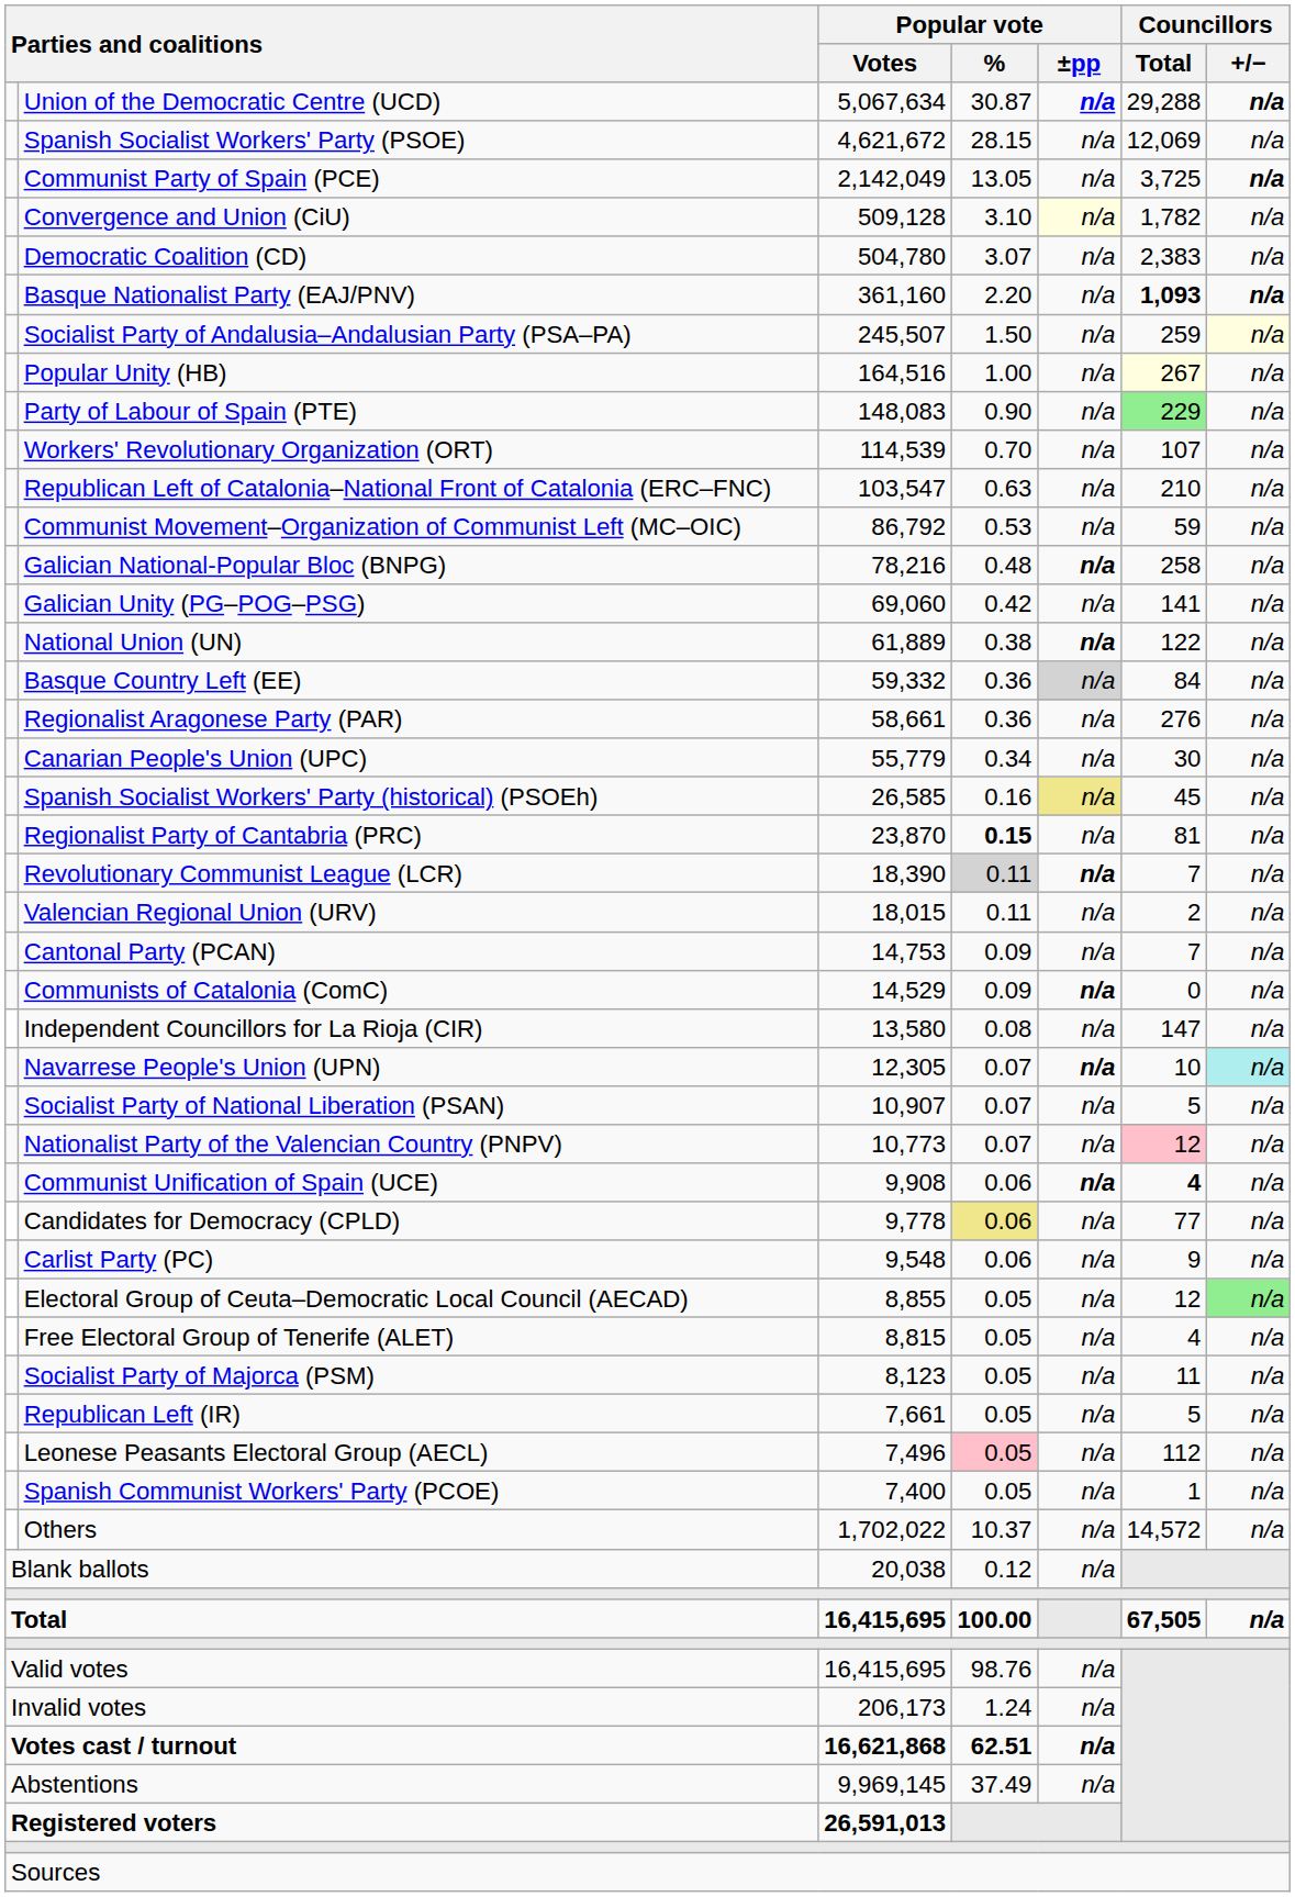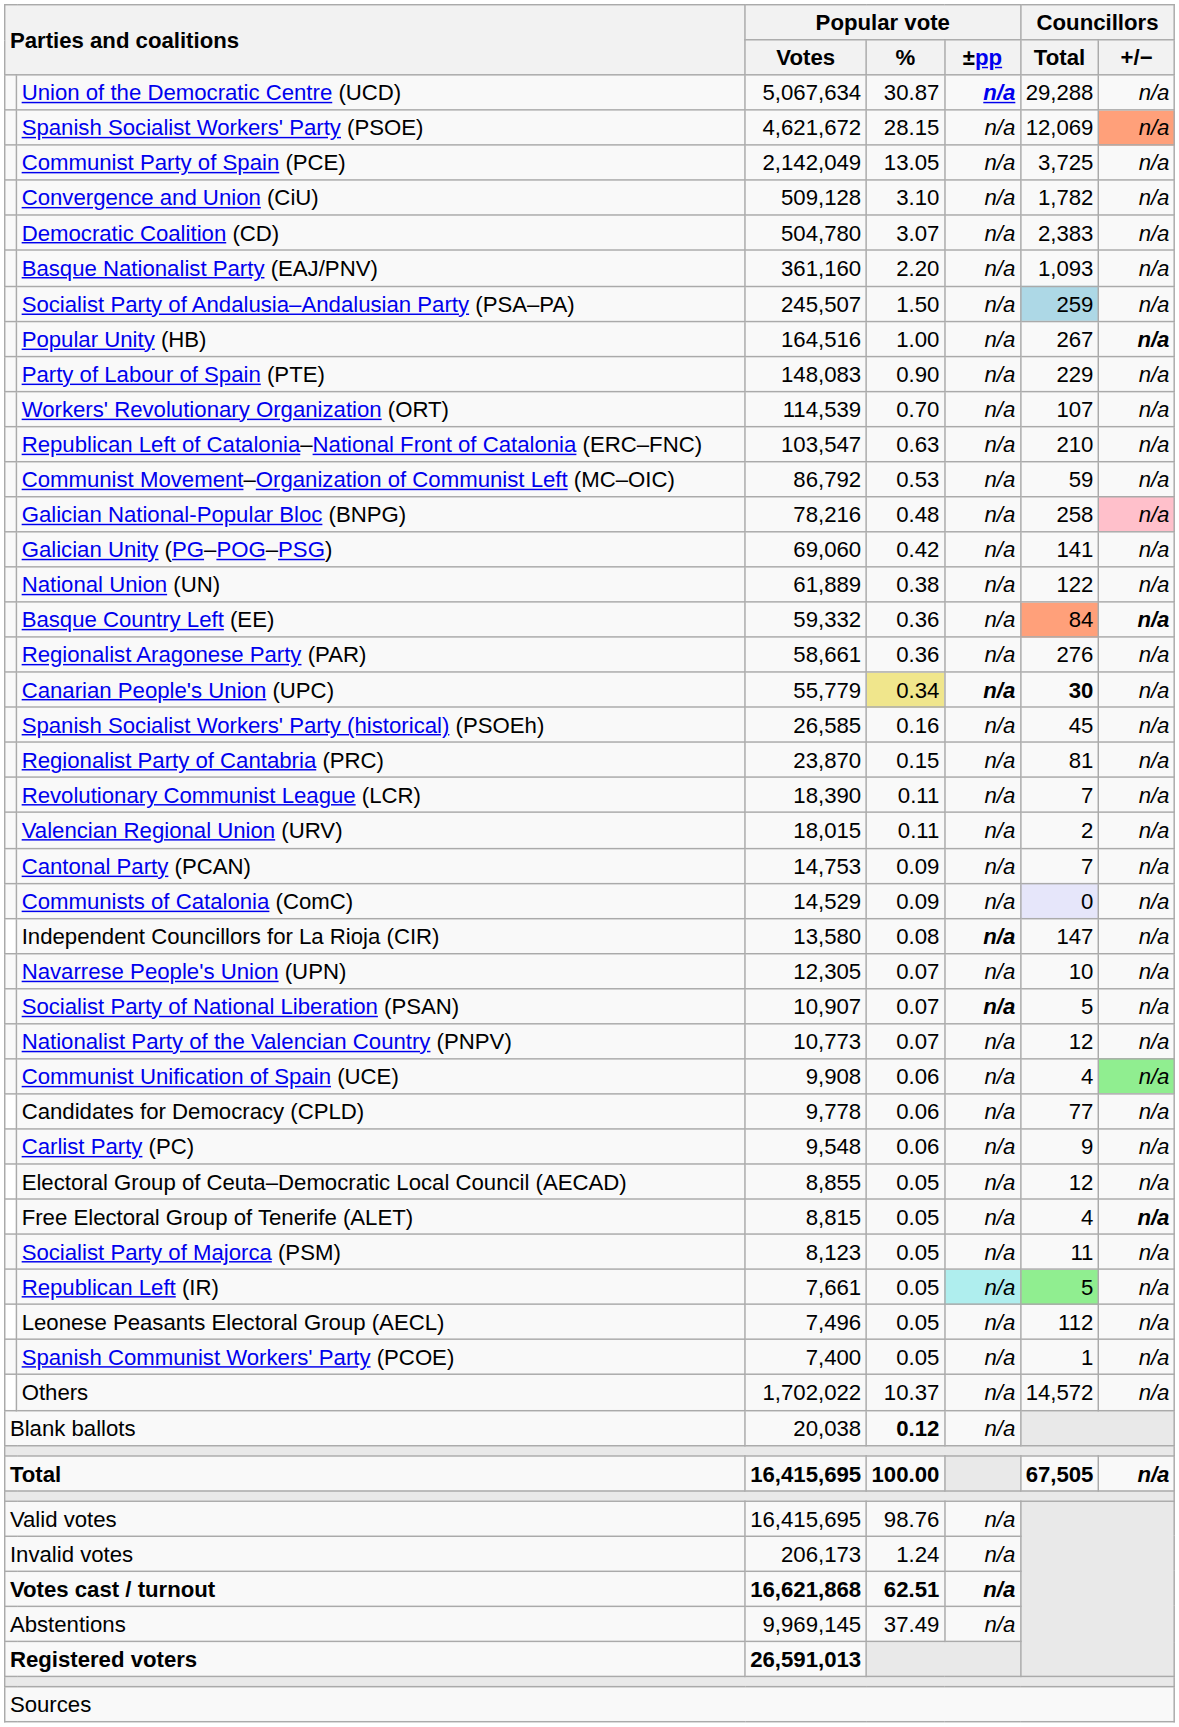 <table class="wikitable" style="text-align:right; font-size:95%;">
 <tr>
 <th style="text-align:left;" rowspan="2" colspan="2" width="500">Parties and coalitions</th>
 <th colspan="3">Popular vote</th>
 <th colspan="2">Councillors</th>
 </tr>
 <tr>
 <th width="75">Votes</th>
 <th width="45">%</th>
 <th width="45">±<a href='#'>pp</a></th>
 <th width="45">Total</th>
 <th width="45">+/−</th>
 </tr>
 <tr>
 <td width="1" style="color:inherit;background:"></td>
 <td align="left"><a href='#'>Union of the Democratic Centre</a> (UCD)</td>
 <td>5,067,634</td>
 <td>30.87</td>
 <td><strong><em><a href='#'>n/a</a></em></strong></td>
 <td>29,288</td>
-<td><strong><em>n/a</em></strong></td>
+<td><em>n/a</em></td>
 </tr>
 <tr>
 <td style="color:inherit;background:"></td>
 <td align="left"><a href='#'>Spanish Socialist Workers' Party</a> (PSOE)</td>
 <td>4,621,672</td>
 <td>28.15</td>
 <td><em>n/a</em></td>
 <td>12,069</td>
-<td><em>n/a</em></td>
+<td style="background: lightsalmon;"><em>n/a</em></td>
 </tr>
 <tr>
 <td style="color:inherit;background:"></td>
 <td align="left"><a href='#'>Communist Party of Spain</a> (PCE)</td>
 <td>2,142,049</td>
 <td>13.05</td>
 <td><em>n/a</em></td>
 <td>3,725</td>
-<td><strong><em>n/a</em></strong></td>
+<td><em>n/a</em></td>
 </tr>
 <tr>
 <td style="color:inherit;background:"></td>
 <td align="left"><a href='#'>Convergence and Union</a> (CiU)</td>
 <td>509,128</td>
 <td>3.10</td>
-<td style="background: lightyellow;"><em>n/a</em></td>
+<td><em>n/a</em></td>
 <td>1,782</td>
 <td><em>n/a</em></td>
 </tr>
 <tr>
 <td style="color:inherit;background:"></td>
 <td align="left"><a href='#'>Democratic Coalition</a> (CD)</td>
 <td>504,780</td>
 <td>3.07</td>
 <td><em>n/a</em></td>
 <td>2,383</td>
 <td><em>n/a</em></td>
 </tr>
 <tr>
 <td style="color:inherit;background:"></td>
 <td align="left"><a href='#'>Basque Nationalist Party</a> (EAJ/PNV)</td>
 <td>361,160</td>
 <td>2.20</td>
 <td><em>n/a</em></td>
-<td><strong>1,093</strong></td>
-<td><strong><em>n/a</em></strong></td>
+<td>1,093</td>
+<td><em>n/a</em></td>
 </tr>
 <tr>
 <td style="color:inherit;background:"></td>
 <td align="left"><a href='#'>Socialist Party of Andalusia–Andalusian Party</a> (PSA–PA)</td>
 <td>245,507</td>
 <td>1.50</td>
 <td><em>n/a</em></td>
-<td>259</td>
-<td style="background: lightyellow;"><em>n/a</em></td>
+<td style="background: lightblue;">259</td>
+<td><em>n/a</em></td>
 </tr>
 <tr>
 <td style="color:inherit;background:"></td>
 <td align="left"><a href='#'>Popular Unity</a> (HB)</td>
 <td>164,516</td>
 <td>1.00</td>
 <td><em>n/a</em></td>
-<td style="background: lightyellow;">267</td>
-<td><em>n/a</em></td>
+<td>267</td>
+<td><strong><em>n/a</em></strong></td>
 </tr>
 <tr>
 <td style="color:inherit;background:"></td>
 <td align="left"><a href='#'>Party of Labour of Spain</a> (PTE)</td>
 <td>148,083</td>
 <td>0.90</td>
 <td><em>n/a</em></td>
-<td style="background: lightgreen;">229</td>
+<td>229</td>
 <td><em>n/a</em></td>
 </tr>
 <tr>
 <td style="color:inherit;background:"></td>
 <td align="left"><a href='#'>Workers' Revolutionary Organization</a> (ORT)</td>
 <td>114,539</td>
 <td>0.70</td>
 <td><em>n/a</em></td>
 <td>107</td>
 <td><em>n/a</em></td>
 </tr>
 <tr>
 <td style="color:inherit;background:"></td>
 <td align="left"><a href='#'>Republican Left of Catalonia</a>–<a href='#'>National Front of Catalonia</a> (ERC–FNC)</td>
 <td>103,547</td>
 <td>0.63</td>
 <td><em>n/a</em></td>
 <td>210</td>
 <td><em>n/a</em></td>
 </tr>
 <tr>
 <td style="color:inherit;background:"></td>
 <td align="left"><a href='#'>Communist Movement</a>–<a href='#'>Organization of Communist Left</a> (MC–OIC)</td>
 <td>86,792</td>
 <td>0.53</td>
 <td><em>n/a</em></td>
 <td>59</td>
 <td><em>n/a</em></td>
 </tr>
 <tr>
 <td style="color:inherit;background:"></td>
 <td align="left"><a href='#'>Galician National-Popular Bloc</a> (BNPG)</td>
 <td>78,216</td>
 <td>0.48</td>
-<td><strong><em>n/a</em></strong></td>
+<td><em>n/a</em></td>
 <td>258</td>
-<td><em>n/a</em></td>
+<td style="background: pink;"><em>n/a</em></td>
 </tr>
 <tr>
 <td style="color:inherit;background:"></td>
 <td align="left"><a href='#'>Galician Unity</a> (<a href='#'>PG</a>–<a href='#'>POG</a>–<a href='#'>PSG</a>)</td>
 <td>69,060</td>
 <td>0.42</td>
 <td><em>n/a</em></td>
 <td>141</td>
 <td><em>n/a</em></td>
 </tr>
 <tr>
 <td style="color:inherit;background:"></td>
 <td align="left"><a href='#'>National Union</a> (UN)</td>
 <td>61,889</td>
 <td>0.38</td>
-<td><strong><em>n/a</em></strong></td>
+<td><em>n/a</em></td>
 <td>122</td>
 <td><em>n/a</em></td>
 </tr>
 <tr>
 <td style="color:inherit;background:"></td>
 <td align="left"><a href='#'>Basque Country Left</a> (EE)</td>
 <td>59,332</td>
 <td>0.36</td>
-<td style="background: lightgrey;"><em>n/a</em></td>
-<td>84</td>
 <td><em>n/a</em></td>
+<td style="background: lightsalmon;">84</td>
+<td><strong><em>n/a</em></strong></td>
 </tr>
 <tr>
 <td style="color:inherit;background:"></td>
 <td align="left"><a href='#'>Regionalist Aragonese Party</a> (PAR)</td>
 <td>58,661</td>
 <td>0.36</td>
 <td><em>n/a</em></td>
 <td>276</td>
 <td><em>n/a</em></td>
 </tr>
 <tr>
 <td style="color:inherit;background:"></td>
 <td align="left"><a href='#'>Canarian People's Union</a> (UPC)</td>
 <td>55,779</td>
-<td>0.34</td>
-<td><em>n/a</em></td>
-<td>30</td>
+<td style="background: khaki;">0.34</td>
+<td><strong><em>n/a</em></strong></td>
+<td><strong>30</strong></td>
 <td><em>n/a</em></td>
 </tr>
 <tr>
 <td style="color:inherit;background:"></td>
 <td align="left"><a href='#'>Spanish Socialist Workers' Party (historical)</a> (PSOEh)</td>
 <td>26,585</td>
 <td>0.16</td>
-<td style="background: khaki;"><em>n/a</em></td>
+<td><em>n/a</em></td>
 <td>45</td>
 <td><em>n/a</em></td>
 </tr>
 <tr>
 <td style="color:inherit;background:"></td>
 <td align="left"><a href='#'>Regionalist Party of Cantabria</a> (PRC)</td>
 <td>23,870</td>
-<td><strong>0.15</strong></td>
+<td>0.15</td>
 <td><em>n/a</em></td>
 <td>81</td>
 <td><em>n/a</em></td>
 </tr>
 <tr>
 <td style="color:inherit;background:"></td>
 <td align="left"><a href='#'>Revolutionary Communist League</a> (LCR)</td>
 <td>18,390</td>
-<td style="background: lightgrey;">0.11</td>
-<td><strong><em>n/a</em></strong></td>
+<td>0.11</td>
+<td><em>n/a</em></td>
 <td>7</td>
 <td><em>n/a</em></td>
 </tr>
 <tr>
 <td style="color:inherit;background:"></td>
 <td align="left"><a href='#'>Valencian Regional Union</a> (URV)</td>
 <td>18,015</td>
 <td>0.11</td>
 <td><em>n/a</em></td>
 <td>2</td>
 <td><em>n/a</em></td>
 </tr>
 <tr>
 <td style="color:inherit;background:"></td>
 <td align="left"><a href='#'>Cantonal Party</a> (PCAN)</td>
 <td>14,753</td>
 <td>0.09</td>
 <td><em>n/a</em></td>
 <td>7</td>
 <td><em>n/a</em></td>
 </tr>
 <tr>
 <td style="color:inherit;background:"></td>
 <td align="left"><a href='#'>Communists of Catalonia</a> (ComC)</td>
 <td>14,529</td>
 <td>0.09</td>
-<td><strong><em>n/a</em></strong></td>
-<td>0</td>
+<td><em>n/a</em></td>
+<td style="background: lavender;">0</td>
 <td><em>n/a</em></td>
 </tr>
 <tr>
 <td bgcolor="white"></td>
 <td align="left">Independent Councillors for La Rioja (CIR)</td>
 <td>13,580</td>
 <td>0.08</td>
-<td><em>n/a</em></td>
+<td><strong><em>n/a</em></strong></td>
 <td>147</td>
 <td><em>n/a</em></td>
 </tr>
 <tr>
 <td style="color:inherit;background:"></td>
 <td align="left"><a href='#'>Navarrese People's Union</a> (UPN)</td>
 <td>12,305</td>
 <td>0.07</td>
-<td><strong><em>n/a</em></strong></td>
+<td><em>n/a</em></td>
 <td>10</td>
-<td style="background: paleturquoise;"><em>n/a</em></td>
+<td><em>n/a</em></td>
 </tr>
 <tr>
 <td style="color:inherit;background:"></td>
 <td align="left"><a href='#'>Socialist Party of National Liberation</a> (PSAN)</td>
 <td>10,907</td>
 <td>0.07</td>
-<td><em>n/a</em></td>
+<td><strong><em>n/a</em></strong></td>
 <td>5</td>
 <td><em>n/a</em></td>
 </tr>
 <tr>
 <td style="color:inherit;background:"></td>
 <td align="left"><a href='#'>Nationalist Party of the Valencian Country</a> (PNPV)</td>
 <td>10,773</td>
 <td>0.07</td>
 <td><em>n/a</em></td>
-<td style="background: pink;">12</td>
+<td>12</td>
 <td><em>n/a</em></td>
 </tr>
 <tr>
 <td style="color:inherit;background:"></td>
 <td align="left"><a href='#'>Communist Unification of Spain</a> (UCE)</td>
 <td>9,908</td>
 <td>0.06</td>
-<td><strong><em>n/a</em></strong></td>
-<td><strong>4</strong></td>
 <td><em>n/a</em></td>
+<td>4</td>
+<td style="background: lightgreen;"><em>n/a</em></td>
 </tr>
 <tr>
 <td bgcolor="white"></td>
 <td align="left">Candidates for Democracy (CPLD)</td>
 <td>9,778</td>
-<td style="background: khaki;">0.06</td>
+<td>0.06</td>
 <td><em>n/a</em></td>
 <td>77</td>
 <td><em>n/a</em></td>
 </tr>
 <tr>
 <td style="color:inherit;background:"></td>
 <td align="left"><a href='#'>Carlist Party</a> (PC)</td>
 <td>9,548</td>
 <td>0.06</td>
 <td><em>n/a</em></td>
 <td>9</td>
 <td><em>n/a</em></td>
 </tr>
 <tr>
 <td bgcolor="white"></td>
 <td align="left">Electoral Group of Ceuta–Democratic Local Council (AECAD)</td>
 <td>8,855</td>
 <td>0.05</td>
 <td><em>n/a</em></td>
 <td>12</td>
-<td style="background: lightgreen;"><em>n/a</em></td>
+<td><em>n/a</em></td>
 </tr>
 <tr>
 <td bgcolor="white"></td>
 <td align="left">Free Electoral Group of Tenerife (ALET)</td>
 <td>8,815</td>
 <td>0.05</td>
 <td><em>n/a</em></td>
 <td>4</td>
-<td><em>n/a</em></td>
+<td><strong><em>n/a</em></strong></td>
 </tr>
 <tr>
 <td style="color:inherit;background:"></td>
 <td align="left"><a href='#'>Socialist Party of Majorca</a> (PSM)</td>
 <td>8,123</td>
 <td>0.05</td>
 <td><em>n/a</em></td>
 <td>11</td>
 <td><em>n/a</em></td>
 </tr>
 <tr>
 <td style="color:inherit;background:"></td>
 <td align="left"><a href='#'>Republican Left</a> (IR)</td>
 <td>7,661</td>
 <td>0.05</td>
-<td><em>n/a</em></td>
-<td>5</td>
+<td style="background: paleturquoise;"><em>n/a</em></td>
+<td style="background: lightgreen;">5</td>
 <td><em>n/a</em></td>
 </tr>
 <tr>
 <td bgcolor="white"></td>
 <td align="left">Leonese Peasants Electoral Group (AECL)</td>
 <td>7,496</td>
-<td style="background: pink;">0.05</td>
+<td>0.05</td>
 <td><em>n/a</em></td>
 <td>112</td>
 <td><em>n/a</em></td>
 </tr>
 <tr>
 <td style="color:inherit;background:"></td>
 <td align="left"><a href='#'>Spanish Communist Workers' Party</a> (PCOE)</td>
 <td>7,400</td>
 <td>0.05</td>
 <td><em>n/a</em></td>
 <td>1</td>
 <td><em>n/a</em></td>
 </tr>
 <tr>
 <td bgcolor="white"></td>
 <td align="left">Others</td>
 <td>1,702,022</td>
 <td>10.37</td>
 <td><em>n/a</em></td>
 <td>14,572</td>
 <td><em>n/a</em></td>
 </tr>
 <tr>
 <td align="left" colspan="2">Blank ballots</td>
 <td>20,038</td>
-<td>0.12</td>
+<td><strong>0.12</strong></td>
 <td><em>n/a</em></td>
 <td bgcolor="#E9E9E9" colspan="2"></td>
 </tr>
 <tr>
 <td colspan="7" bgcolor="#E9E9E9"></td>
 </tr>
 <tr style="font-weight:bold;">
 <td align="left" colspan="2">Total</td>
 <td>16,415,695</td>
 <td>100.00</td>
 <td bgcolor="#E9E9E9"></td>
 <td>67,505</td>
 <td><em>n/a</em></td>
 </tr>
 <tr>
 <td colspan="7" bgcolor="#E9E9E9"></td>
 </tr>
 <tr>
 <td align="left" colspan="2">Valid votes</td>
 <td>16,415,695</td>
 <td>98.76</td>
 <td><em>n/a</em></td>
 <td bgcolor="#E9E9E9" colspan="2" rowspan="5"></td>
 </tr>
 <tr>
 <td align="left" colspan="2">Invalid votes</td>
 <td>206,173</td>
 <td>1.24</td>
 <td><em>n/a</em></td>
 </tr>
 <tr style="font-weight:bold;">
 <td align="left" colspan="2">Votes cast / turnout</td>
 <td>16,621,868</td>
 <td>62.51</td>
 <td><em>n/a</em></td>
 </tr>
 <tr>
 <td align="left" colspan="2">Abstentions</td>
 <td>9,969,145</td>
 <td>37.49</td>
 <td><em>n/a</em></td>
 </tr>
 <tr style="font-weight:bold;">
 <td align="left" colspan="2">Registered voters</td>
 <td>26,591,013</td>
 <td bgcolor="#E9E9E9" colspan="2"></td>
 </tr>
 <tr>
 <td colspan="7" bgcolor="#E9E9E9"></td>
 </tr>
 <tr>
 <td align="left" colspan="7">Sources</td>
 </tr>
 </table>
